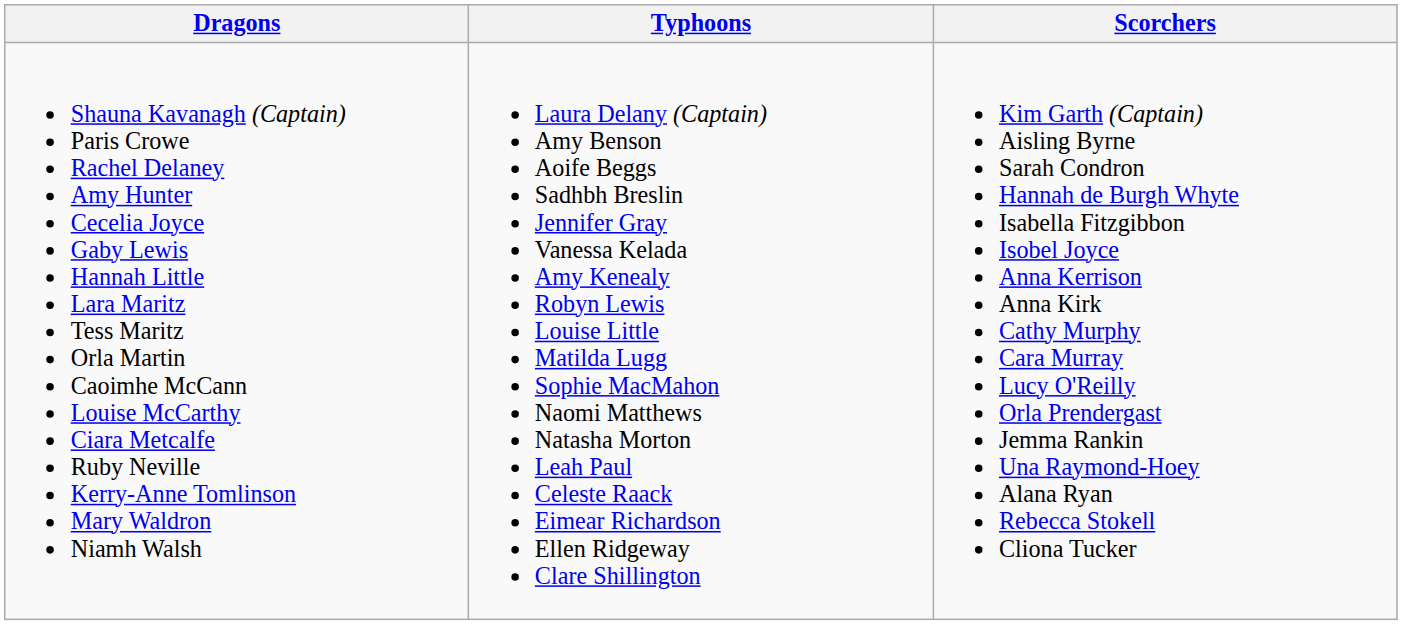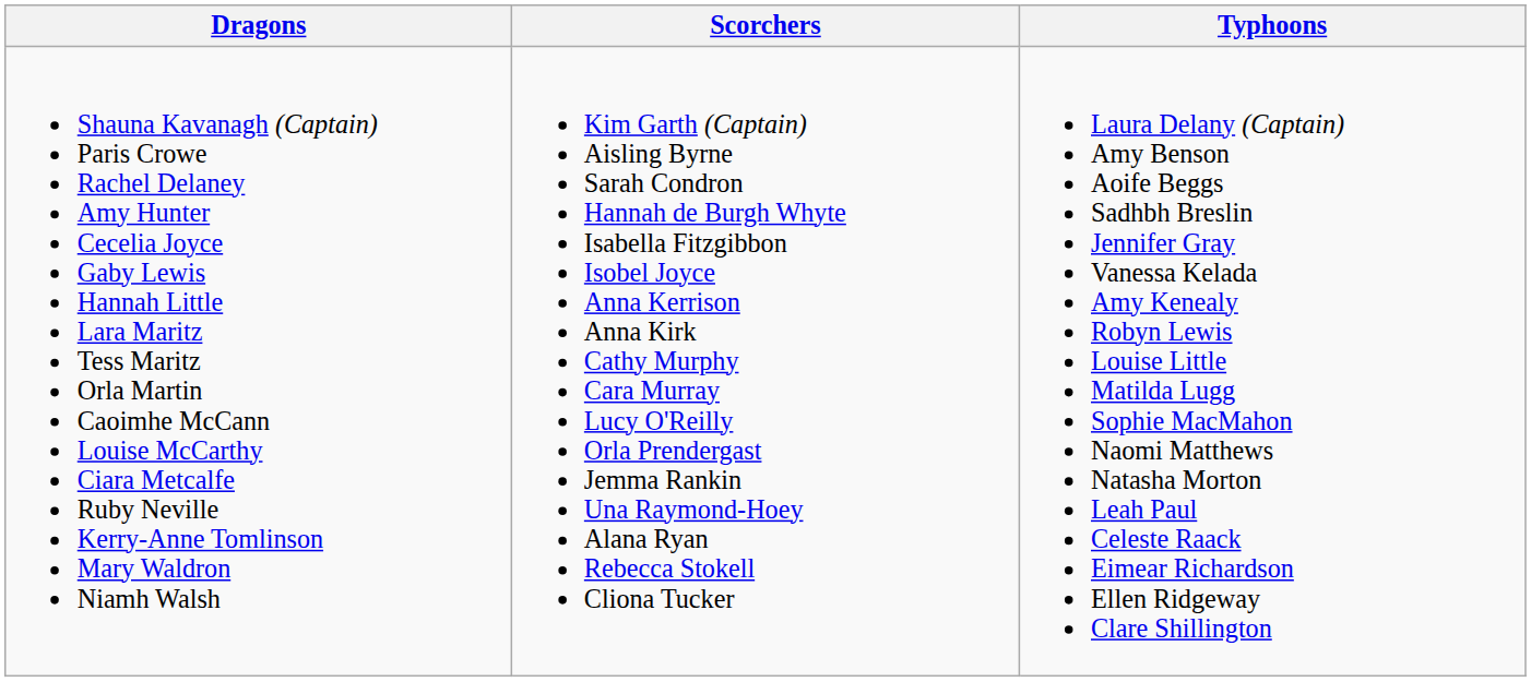 <table class="wikitable">
 <tr>
 <th width=300><a href='#'>Dragons</a></th>
+<th width=300><a href='#'>Scorchers</a></th>
 <th width=300><a href='#'>Typhoons</a></th>
-<th width=300><a href='#'>Scorchers</a></th>
 </tr>
 <tr>
 <td valign=top><br><ul><li><a href='#'>Shauna Kavanagh</a> <em>(Captain)</em></li><li>Paris Crowe</li><li><a href='#'>Rachel Delaney</a></li><li><a href='#'>Amy Hunter</a></li><li><a href='#'>Cecelia Joyce</a></li><li><a href='#'>Gaby Lewis</a></li><li><a href='#'>Hannah Little</a></li><li><a href='#'>Lara Maritz</a></li><li>Tess Maritz</li><li>Orla Martin</li><li>Caoimhe McCann</li><li><a href='#'>Louise McCarthy</a></li><li><a href='#'>Ciara Metcalfe</a></li><li>Ruby Neville</li><li><a href='#'>Kerry-Anne Tomlinson</a></li><li><a href='#'>Mary Waldron</a></li><li>Niamh Walsh</li></ul></td>
+<td valign=top><br><ul><li><a href='#'>Kim Garth</a> <em>(Captain)</em></li><li>Aisling Byrne</li><li>Sarah Condron</li><li><a href='#'>Hannah de Burgh Whyte</a></li><li>Isabella Fitzgibbon</li><li><a href='#'>Isobel Joyce</a></li><li><a href='#'>Anna Kerrison</a></li><li>Anna Kirk</li><li><a href='#'>Cathy Murphy</a></li><li><a href='#'>Cara Murray</a></li><li><a href='#'>Lucy O'Reilly</a></li><li><a href='#'>Orla Prendergast</a></li><li>Jemma Rankin</li><li><a href='#'>Una Raymond-Hoey</a></li><li>Alana Ryan</li><li><a href='#'>Rebecca Stokell</a></li><li>Cliona Tucker</li></ul></td>
 <td valign=top><br><ul><li><a href='#'>Laura Delany</a> <em>(Captain)</em></li><li>Amy Benson</li><li>Aoife Beggs</li><li>Sadhbh Breslin</li><li><a href='#'>Jennifer Gray</a></li><li>Vanessa Kelada</li><li><a href='#'>Amy Kenealy</a></li><li><a href='#'>Robyn Lewis</a></li><li><a href='#'>Louise Little</a></li><li><a href='#'>Matilda Lugg</a></li><li><a href='#'>Sophie MacMahon</a></li><li>Naomi Matthews</li><li>Natasha Morton</li><li><a href='#'>Leah Paul</a></li><li><a href='#'>Celeste Raack</a></li><li><a href='#'>Eimear Richardson</a></li><li>Ellen Ridgeway</li><li><a href='#'>Clare Shillington</a></li></ul></td>
-<td valign=top><br><ul><li><a href='#'>Kim Garth</a> <em>(Captain)</em></li><li>Aisling Byrne</li><li>Sarah Condron</li><li><a href='#'>Hannah de Burgh Whyte</a></li><li>Isabella Fitzgibbon</li><li><a href='#'>Isobel Joyce</a></li><li><a href='#'>Anna Kerrison</a></li><li>Anna Kirk</li><li><a href='#'>Cathy Murphy</a></li><li><a href='#'>Cara Murray</a></li><li><a href='#'>Lucy O'Reilly</a></li><li><a href='#'>Orla Prendergast</a></li><li>Jemma Rankin</li><li><a href='#'>Una Raymond-Hoey</a></li><li>Alana Ryan</li><li><a href='#'>Rebecca Stokell</a></li><li>Cliona Tucker</li></ul></td>
 </tr>
 </table>
